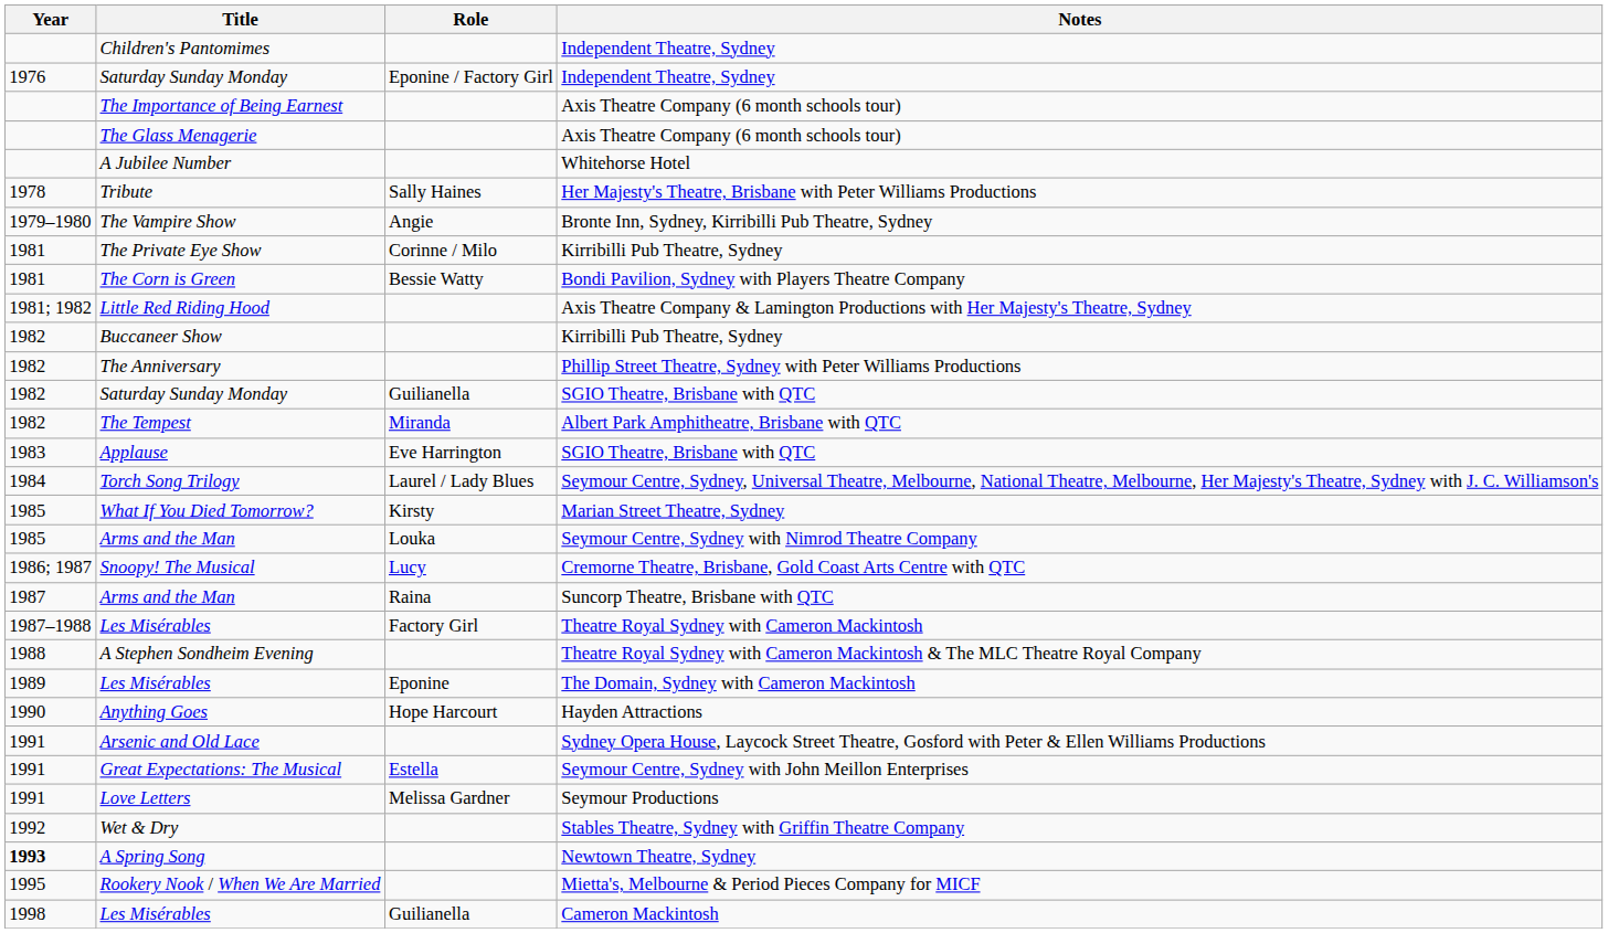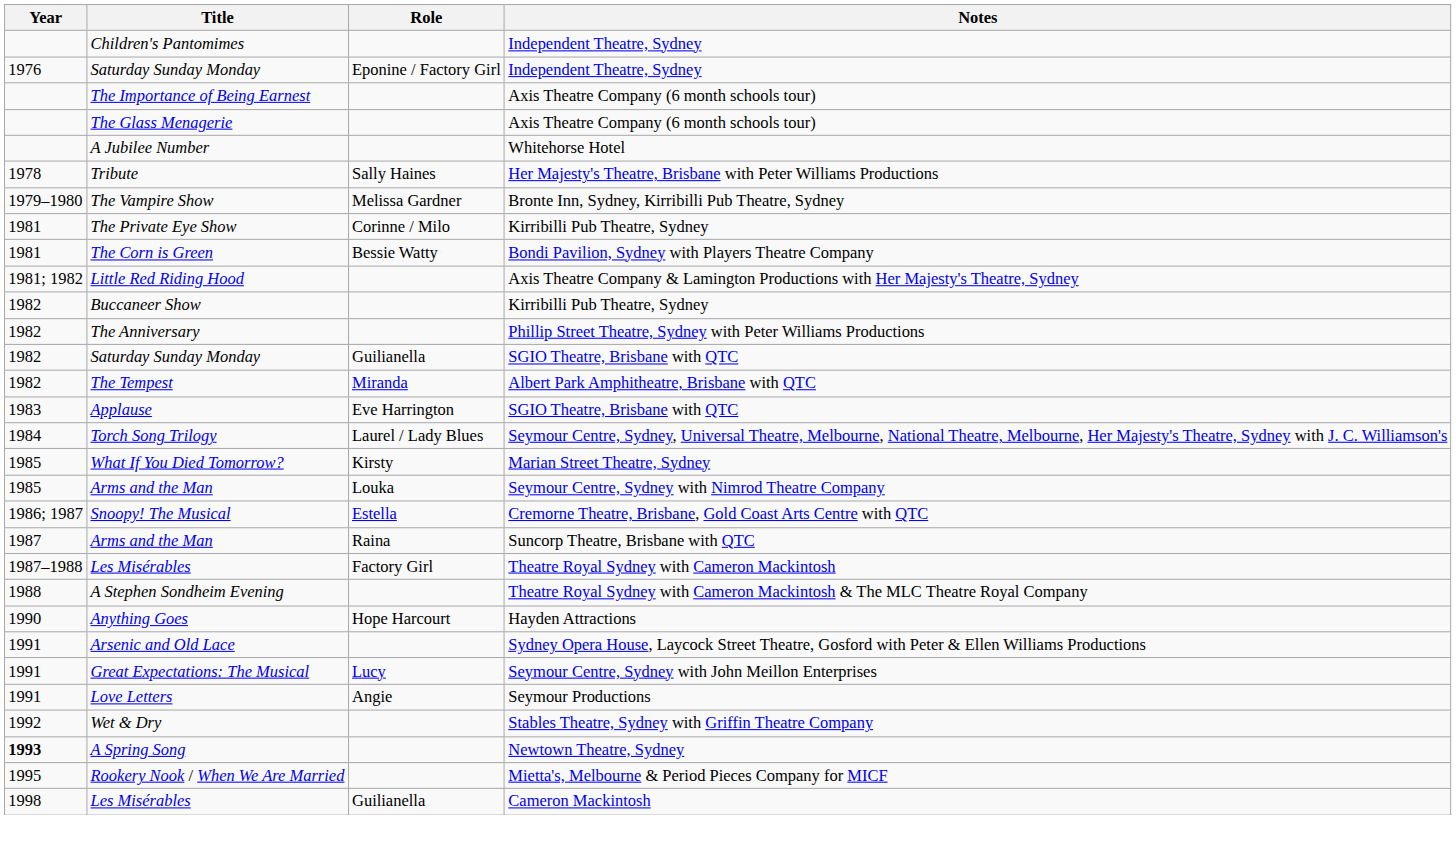 <table class="wikitable">
 <tr>
 <th>Year</th>
 <th>Title</th>
 <th>Role</th>
 <th>Notes</th>
 </tr>
 <tr>
 <td></td>
 <td><em>Children's Pantomimes</em></td>
 <td></td>
 <td><a href='#'>Independent Theatre, Sydney</a></td>
 </tr>
 <tr>
 <td>1976</td>
 <td><em>Saturday Sunday Monday</em></td>
 <td>Eponine / Factory Girl</td>
 <td><a href='#'>Independent Theatre, Sydney</a></td>
 </tr>
 <tr>
 <td></td>
 <td><em><a href='#'>The Importance of Being Earnest</a></em></td>
 <td></td>
 <td>Axis Theatre Company (6 month schools tour)</td>
 </tr>
 <tr>
 <td></td>
 <td><em><a href='#'>The Glass Menagerie</a></em></td>
 <td></td>
 <td>Axis Theatre Company (6 month schools tour)</td>
 </tr>
 <tr>
 <td></td>
 <td><em>A Jubilee Number</em></td>
 <td></td>
 <td>Whitehorse Hotel</td>
 </tr>
 <tr>
 <td>1978</td>
 <td><em>Tribute</em></td>
 <td>Sally Haines</td>
 <td><a href='#'>Her Majesty's Theatre, Brisbane</a> with Peter Williams Productions</td>
 </tr>
 <tr>
 <td>1979–1980</td>
 <td><em>The Vampire Show</em></td>
-<td>Angie</td>
+<td>Melissa Gardner</td>
 <td>Bronte Inn, Sydney, Kirribilli Pub Theatre, Sydney</td>
 </tr>
 <tr>
 <td>1981</td>
 <td><em>The Private Eye Show</em></td>
 <td>Corinne / Milo</td>
 <td>Kirribilli Pub Theatre, Sydney</td>
 </tr>
 <tr>
 <td>1981</td>
 <td><em><a href='#'>The Corn is Green</a></em></td>
 <td>Bessie Watty</td>
 <td><a href='#'>Bondi Pavilion, Sydney</a> with Players Theatre Company</td>
 </tr>
 <tr>
 <td>1981; 1982</td>
 <td><em><a href='#'>Little Red Riding Hood</a></em></td>
 <td></td>
 <td>Axis Theatre Company & Lamington Productions with <a href='#'>Her Majesty's Theatre, Sydney</a></td>
 </tr>
 <tr>
 <td>1982</td>
 <td><em>Buccaneer Show</em></td>
 <td></td>
 <td>Kirribilli Pub Theatre, Sydney</td>
 </tr>
 <tr>
 <td>1982</td>
 <td><em>The Anniversary</em></td>
 <td></td>
 <td><a href='#'>Phillip Street Theatre, Sydney</a> with Peter Williams Productions</td>
 </tr>
 <tr>
 <td>1982</td>
 <td><em>Saturday Sunday Monday</em></td>
 <td>Guilianella</td>
 <td><a href='#'>SGIO Theatre, Brisbane</a> with <a href='#'>QTC</a></td>
 </tr>
 <tr>
 <td>1982</td>
 <td><em><a href='#'>The Tempest</a></em></td>
 <td><a href='#'>Miranda</a></td>
 <td><a href='#'>Albert Park Amphitheatre, Brisbane</a> with <a href='#'>QTC</a></td>
 </tr>
 <tr>
 <td>1983</td>
 <td><em><a href='#'>Applause</a></em></td>
 <td>Eve Harrington</td>
 <td><a href='#'>SGIO Theatre, Brisbane</a> with <a href='#'>QTC</a></td>
 </tr>
 <tr>
 <td>1984</td>
 <td><em><a href='#'>Torch Song Trilogy</a></em></td>
 <td>Laurel / Lady Blues</td>
 <td><a href='#'>Seymour Centre, Sydney</a>, <a href='#'>Universal Theatre, Melbourne</a>, <a href='#'>National Theatre, Melbourne</a>, <a href='#'>Her Majesty's Theatre, Sydney</a> with <a href='#'>J. C. Williamson's</a></td>
 </tr>
 <tr>
 <td>1985</td>
 <td><em><a href='#'>What If You Died Tomorrow?</a></em></td>
 <td>Kirsty</td>
 <td><a href='#'>Marian Street Theatre, Sydney</a></td>
 </tr>
 <tr>
 <td>1985</td>
 <td><em><a href='#'>Arms and the Man</a></em></td>
 <td>Louka</td>
 <td><a href='#'>Seymour Centre, Sydney</a> with <a href='#'>Nimrod Theatre Company</a></td>
 </tr>
 <tr>
 <td>1986; 1987</td>
 <td><em><a href='#'>Snoopy! The Musical</a></em></td>
-<td><a href='#'>Lucy</a></td>
+<td><a href='#'>Estella</a></td>
 <td><a href='#'>Cremorne Theatre, Brisbane</a>, <a href='#'>Gold Coast Arts Centre</a> with <a href='#'>QTC</a></td>
 </tr>
 <tr>
 <td>1987</td>
 <td><em><a href='#'>Arms and the Man</a></em></td>
 <td>Raina</td>
 <td>Suncorp Theatre, Brisbane with <a href='#'>QTC</a></td>
 </tr>
 <tr>
 <td>1987–1988</td>
 <td><em><a href='#'>Les Misérables</a></em></td>
 <td>Factory Girl</td>
 <td><a href='#'>Theatre Royal Sydney</a> with <a href='#'>Cameron Mackintosh</a></td>
 </tr>
 <tr>
 <td>1988</td>
 <td><em>A Stephen Sondheim Evening</em></td>
 <td></td>
 <td><a href='#'>Theatre Royal Sydney</a> with <a href='#'>Cameron Mackintosh</a> & The MLC Theatre Royal Company</td>
 </tr>
 <tr>
-<td>1989</td>
-<td><em><a href='#'>Les Misérables</a></em></td>
-<td>Eponine</td>
-<td><a href='#'>The Domain, Sydney</a> with <a href='#'>Cameron Mackintosh</a></td>
-</tr>
-<tr>
 <td>1990</td>
 <td><em><a href='#'>Anything Goes</a></em></td>
 <td>Hope Harcourt</td>
 <td>Hayden Attractions</td>
 </tr>
 <tr>
 <td>1991</td>
 <td><em><a href='#'>Arsenic and Old Lace</a></em></td>
 <td></td>
 <td><a href='#'>Sydney Opera House</a>, Laycock Street Theatre, Gosford with Peter & Ellen Williams Productions</td>
 </tr>
 <tr>
 <td>1991</td>
 <td><em><a href='#'>Great Expectations: The Musical</a></em></td>
-<td><a href='#'>Estella</a></td>
+<td><a href='#'>Lucy</a></td>
 <td><a href='#'>Seymour Centre, Sydney</a> with John Meillon Enterprises</td>
 </tr>
 <tr>
 <td>1991</td>
 <td><em><a href='#'>Love Letters</a></em></td>
-<td>Melissa Gardner</td>
+<td>Angie</td>
 <td>Seymour Productions</td>
 </tr>
 <tr>
 <td>1992</td>
 <td><em>Wet & Dry</em></td>
 <td></td>
 <td><a href='#'>Stables Theatre, Sydney</a> with <a href='#'>Griffin Theatre Company</a></td>
 </tr>
 <tr>
 <td><strong>1993</strong></td>
 <td><em><a href='#'>A Spring Song</a></em></td>
 <td></td>
 <td><a href='#'>Newtown Theatre, Sydney</a></td>
 </tr>
 <tr>
 <td>1995</td>
 <td><em><a href='#'>Rookery Nook</a></em> / <em><a href='#'>When We Are Married</a></em></td>
 <td></td>
 <td><a href='#'>Mietta's, Melbourne</a> & Period Pieces Company for <a href='#'>MICF</a></td>
 </tr>
 <tr>
 <td>1998</td>
 <td><em><a href='#'>Les Misérables</a></em></td>
 <td>Guilianella</td>
 <td><a href='#'>Cameron Mackintosh</a></td>
 </tr>
 </table>
